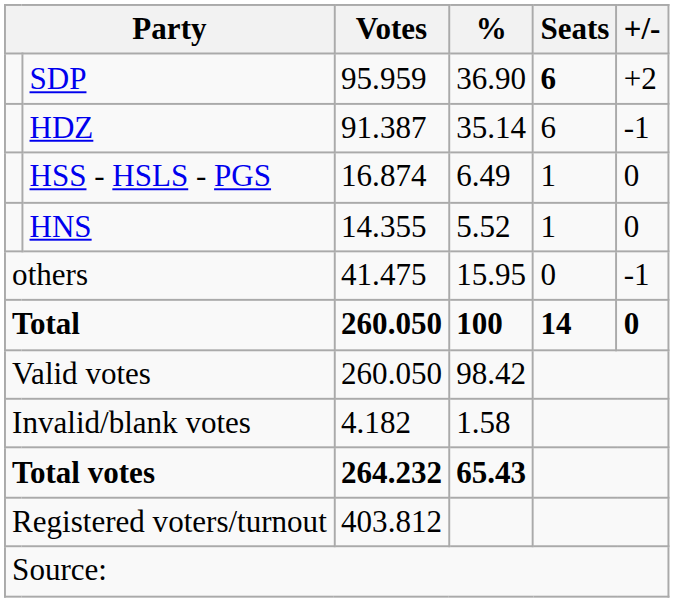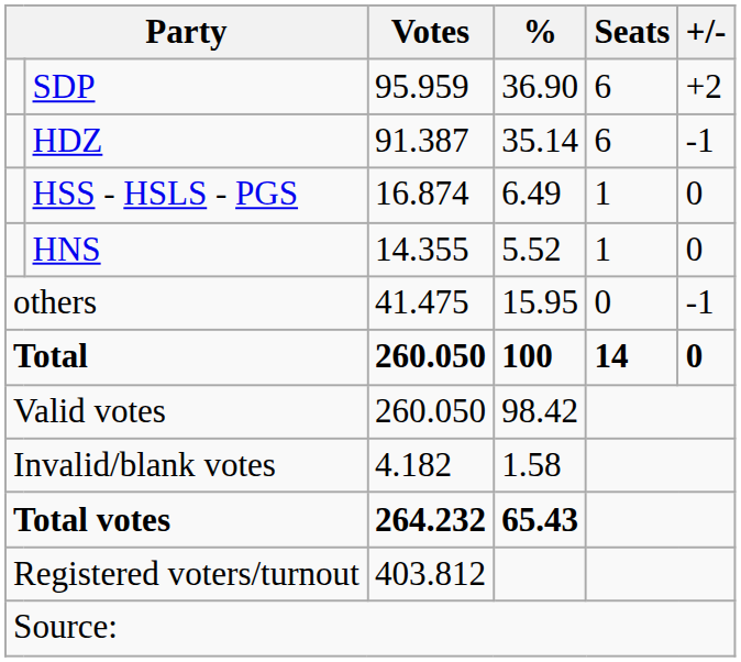 <table class="wikitable" style="text-align: left;">
 <tr>
 <th colspan="2">Party</th>
 <th>Votes</th>
 <th>%</th>
 <th>Seats</th>
 <th>+/-</th>
 </tr>
 <tr>
 <td style="background-color: "></td>
 <td><a href='#'>SDP</a></td>
 <td>95.959</td>
 <td>36.90</td>
-<td><strong>6</strong></td>
+<td>6</td>
 <td>+2</td>
 </tr>
 <tr>
 <td style="background-color: "></td>
 <td><a href='#'>HDZ</a></td>
 <td>91.387</td>
 <td>35.14</td>
 <td>6</td>
 <td>-1</td>
 </tr>
 <tr>
 <td style="background-color: "></td>
 <td><a href='#'>HSS</a> - <a href='#'>HSLS</a> - <a href='#'>PGS</a></td>
 <td>16.874</td>
 <td>6.49</td>
 <td>1</td>
 <td>0</td>
 </tr>
 <tr>
 <td style="background-color: "></td>
 <td><a href='#'>HNS</a></td>
 <td>14.355</td>
 <td>5.52</td>
 <td>1</td>
 <td>0</td>
 </tr>
 <tr>
 <td colspan="2">others</td>
 <td>41.475</td>
 <td>15.95</td>
 <td>0</td>
 <td>-1</td>
 </tr>
 <tr>
 <td colspan="2"><strong>Total</strong></td>
 <td><strong>260.050</strong></td>
 <td><strong>100</strong></td>
 <td><strong>14</strong></td>
 <td><strong>0</strong></td>
 </tr>
 <tr>
 <td colspan="2">Valid votes</td>
 <td>260.050</td>
 <td>98.42</td>
 <td colspan="2"></td>
 </tr>
 <tr>
 <td colspan="2">Invalid/blank votes</td>
 <td>4.182</td>
 <td>1.58</td>
 <td colspan="2"></td>
 </tr>
 <tr>
 <td colspan="2"><strong>Total votes</strong></td>
 <td><strong>264.232</strong></td>
 <td><strong>65.43</strong></td>
 <td colspan="2"></td>
 </tr>
 <tr>
 <td colspan="2">Registered voters/turnout</td>
 <td votes14="5343">403.812</td>
 <td></td>
 <td colspan="2"></td>
 </tr>
 <tr>
 <td colspan="6">Source: </td>
 </tr>
 </table>
